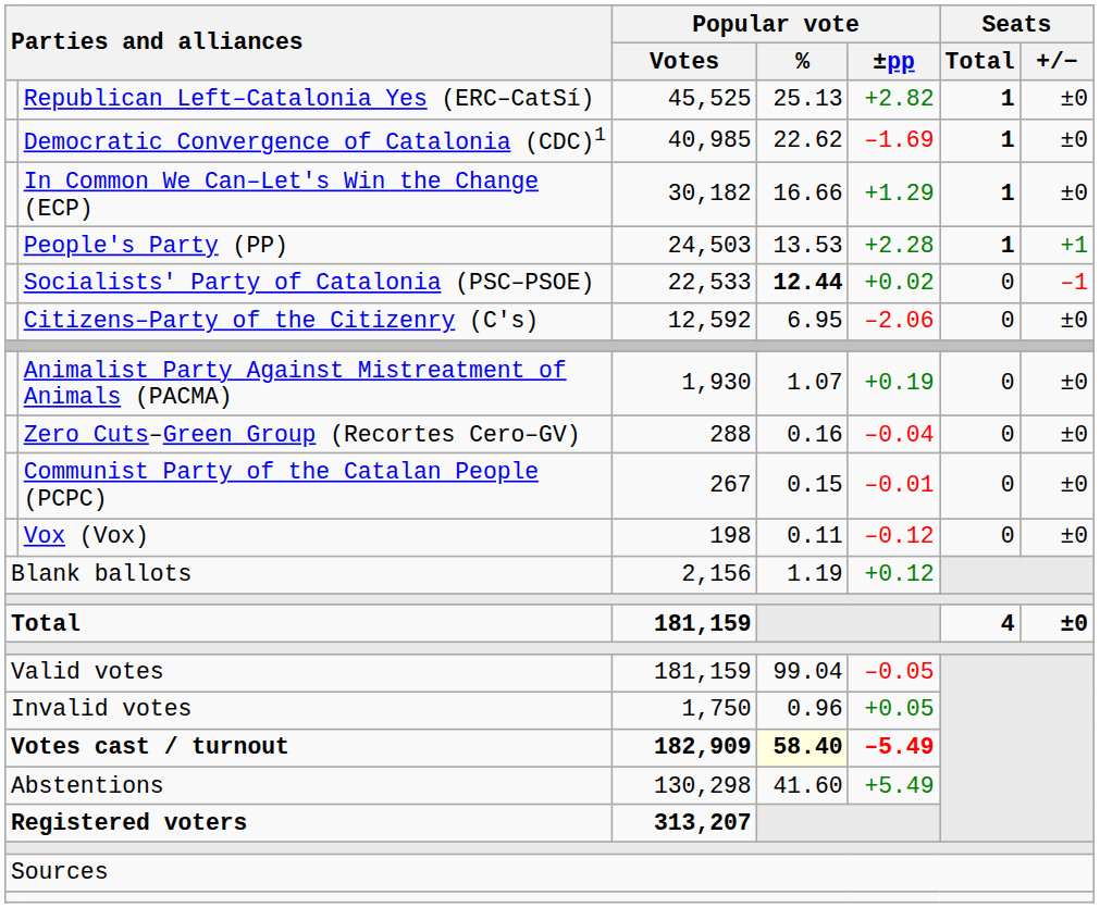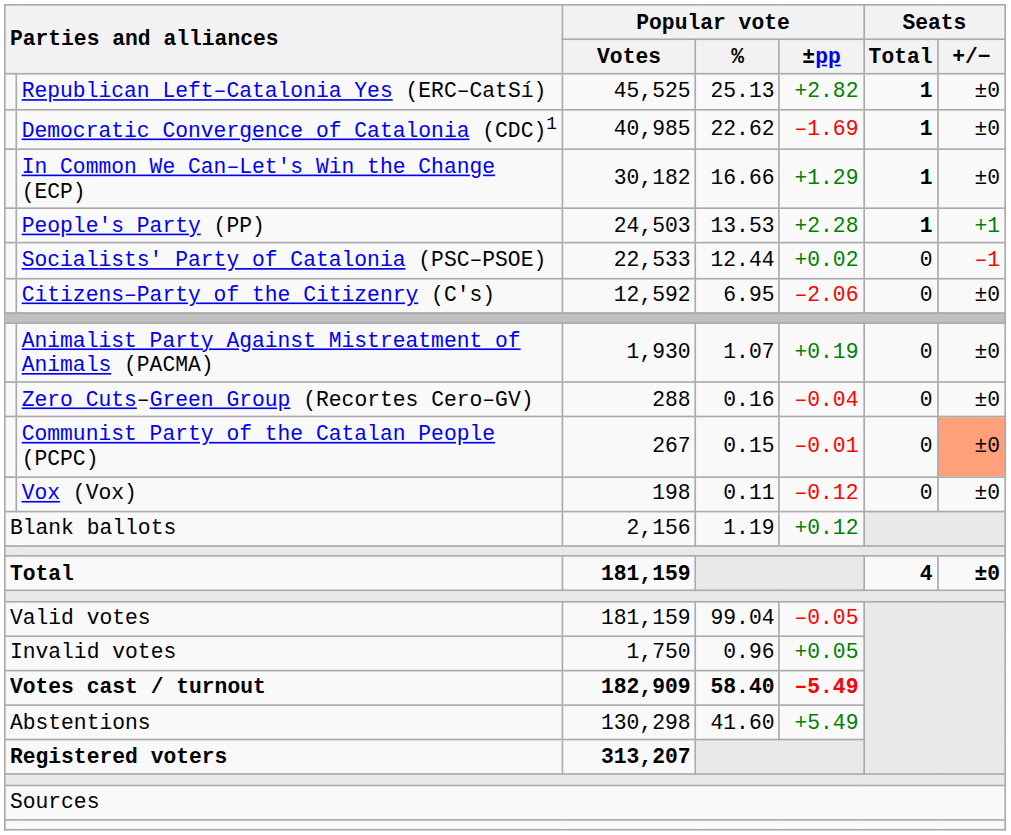 <table class="wikitable" style="text-align:right;">
 <tr>
 <th style="text-align:left;" rowspan="2" colspan="2" width="525">Parties and alliances</th>
 <th colspan="3">Popular vote</th>
 <th colspan="2">Seats</th>
 </tr>
 <tr>
 <th width="75">Votes</th>
 <th width="45">%</th>
 <th width="45">±<a href='#'>pp</a></th>
 <th width="35">Total</th>
 <th width="35">+/−</th>
 </tr>
 <tr>
 <td width="1" style="color:inherit;background:"></td>
 <td align="left"><a href='#'>Republican Left–Catalonia Yes</a> (ERC–CatSí)</td>
 <td>45,525</td>
 <td>25.13</td>
 <td style="color:green;">+2.82</td>
 <td><strong>1</strong></td>
 <td>±0</td>
 </tr>
 <tr>
 <td style="color:inherit;background:"></td>
 <td align="left"><a href='#'>Democratic Convergence of Catalonia</a> (CDC)<sup>1</sup></td>
 <td>40,985</td>
 <td>22.62</td>
 <td style="color:red;">–1.69</td>
 <td><strong>1</strong></td>
 <td>±0</td>
 </tr>
 <tr>
 <td style="color:inherit;background:"></td>
 <td align="left"><a href='#'>In Common We Can–Let's Win the Change</a> (ECP)</td>
 <td>30,182</td>
 <td>16.66</td>
 <td style="color:green;">+1.29</td>
 <td><strong>1</strong></td>
 <td>±0</td>
 </tr>
 <tr>
 <td style="color:inherit;background:"></td>
 <td align="left"><a href='#'>People's Party</a> (PP)</td>
 <td>24,503</td>
 <td>13.53</td>
 <td style="color:green;">+2.28</td>
 <td><strong>1</strong></td>
 <td style="color:green;">+1</td>
 </tr>
 <tr>
 <td style="color:inherit;background:"></td>
 <td align="left"><a href='#'>Socialists' Party of Catalonia</a> (PSC–PSOE)</td>
 <td>22,533</td>
-<td><strong>12.44</strong></td>
+<td>12.44</td>
 <td style="color:green;">+0.02</td>
 <td>0</td>
 <td style="color:red;">–1</td>
 </tr>
 <tr>
 <td style="color:inherit;background:"></td>
 <td align="left"><a href='#'>Citizens–Party of the Citizenry</a> (C's)</td>
 <td>12,592</td>
 <td>6.95</td>
 <td style="color:red;">–2.06</td>
 <td>0</td>
 <td>±0</td>
 </tr>
 <tr>
 <td colspan="7" bgcolor="#C0C0C0"></td>
 </tr>
 <tr>
 <td style="color:inherit;background:"></td>
 <td align="left"><a href='#'>Animalist Party Against Mistreatment of Animals</a> (PACMA)</td>
 <td>1,930</td>
 <td>1.07</td>
 <td style="color:green;">+0.19</td>
 <td>0</td>
 <td>±0</td>
 </tr>
 <tr>
 <td style="color:inherit;background:"></td>
 <td align="left"><a href='#'>Zero Cuts</a>–<a href='#'>Green Group</a> (Recortes Cero–GV)</td>
 <td>288</td>
 <td>0.16</td>
 <td style="color:red;">–0.04</td>
 <td>0</td>
 <td>±0</td>
 </tr>
 <tr>
 <td style="color:inherit;background:"></td>
 <td align="left"><a href='#'>Communist Party of the Catalan People</a> (PCPC)</td>
 <td>267</td>
 <td>0.15</td>
 <td style="color:red;">–0.01</td>
 <td>0</td>
-<td>±0</td>
+<td style="background: lightsalmon;">±0</td>
 </tr>
 <tr>
 <td style="color:inherit;background:"></td>
 <td align="left"><a href='#'>Vox</a> (Vox)</td>
 <td>198</td>
 <td>0.11</td>
 <td style="color:red;">–0.12</td>
 <td>0</td>
 <td>±0</td>
 </tr>
 <tr>
 <td align="left" colspan="2">Blank ballots</td>
 <td>2,156</td>
 <td>1.19</td>
 <td style="color:green;">+0.12</td>
 <td bgcolor="#E9E9E9" colspan="2"></td>
 </tr>
 <tr>
 <td colspan="7" bgcolor="#E9E9E9"></td>
 </tr>
 <tr style="font-weight:bold;">
 <td align="left" colspan="2">Total</td>
 <td>181,159</td>
 <td bgcolor="#E9E9E9" colspan="2"></td>
 <td>4</td>
 <td>±0</td>
 </tr>
 <tr>
 <td colspan="7" bgcolor="#E9E9E9"></td>
 </tr>
 <tr>
 <td align="left" colspan="2">Valid votes</td>
 <td>181,159</td>
 <td>99.04</td>
 <td style="color:red;">–0.05</td>
 <td bgcolor="#E9E9E9" colspan="2" rowspan="5"></td>
 </tr>
 <tr>
 <td align="left" colspan="2">Invalid votes</td>
 <td>1,750</td>
 <td>0.96</td>
 <td style="color:green;">+0.05</td>
 </tr>
 <tr style="font-weight:bold;">
 <td align="left" colspan="2">Votes cast / turnout</td>
 <td>182,909</td>
-<td style="background: lightyellow;">58.40</td>
+<td>58.40</td>
 <td style="color:red;">–5.49</td>
 </tr>
 <tr>
 <td align="left" colspan="2">Abstentions</td>
 <td>130,298</td>
 <td>41.60</td>
 <td style="color:green;">+5.49</td>
 </tr>
 <tr style="font-weight:bold;">
 <td align="left" colspan="2">Registered voters</td>
 <td>313,207</td>
 <td bgcolor="#E9E9E9" colspan="2"></td>
 </tr>
 <tr>
 <td colspan="7" bgcolor="#E9E9E9"></td>
 </tr>
 <tr>
 <td align="left" colspan="7">Sources</td>
 </tr>
 <tr>
 <td colspan="7" style="text-align:left; max-width:790px;"></td>
 </tr>
 </table>
